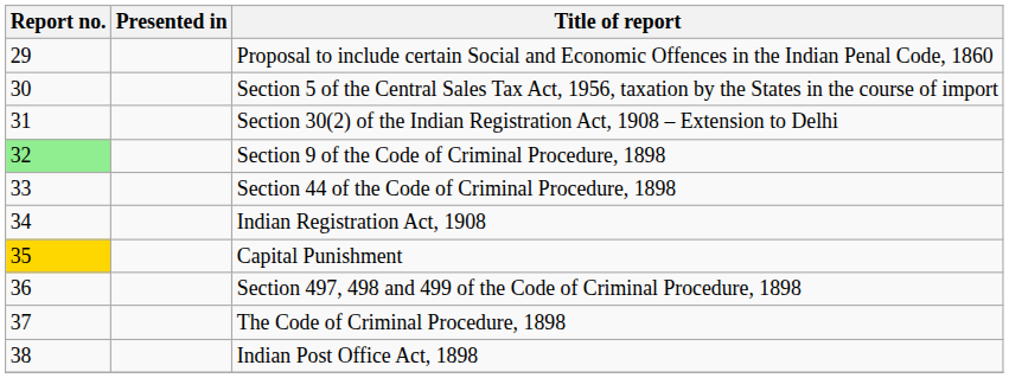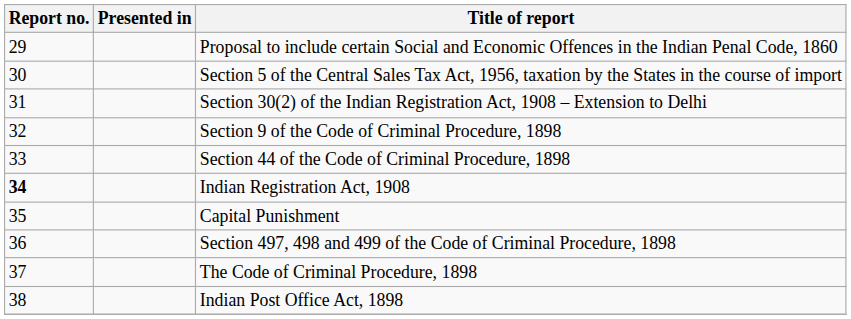 <table class="wikitable">
 <tr>
 <th>Report no.</th>
 <th>Presented in</th>
 <th>Title of report</th>
 </tr>
 <tr>
 <td>29</td>
 <td></td>
 <td>Proposal to include certain Social and Economic Offences in the Indian Penal Code, 1860</td>
 </tr>
 <tr>
 <td>30</td>
 <td></td>
 <td>Section 5 of the Central Sales Tax Act, 1956, taxation by the States in the course of import</td>
 </tr>
 <tr>
 <td>31</td>
 <td></td>
 <td>Section 30(2) of the Indian Registration Act, 1908 – Extension to Delhi</td>
 </tr>
 <tr>
-<td style="background: lightgreen;">32</td>
+<td>32</td>
 <td></td>
 <td>Section 9 of the Code of Criminal Procedure, 1898</td>
 </tr>
 <tr>
 <td>33</td>
 <td></td>
 <td>Section 44 of the Code of Criminal Procedure, 1898</td>
 </tr>
 <tr>
-<td>34</td>
+<td><strong>34</strong></td>
 <td></td>
 <td>Indian Registration Act, 1908</td>
 </tr>
 <tr>
-<td style="background: gold;">35</td>
+<td>35</td>
 <td></td>
 <td>Capital Punishment</td>
 </tr>
 <tr>
 <td>36</td>
 <td></td>
 <td>Section 497, 498 and 499 of the Code of Criminal Procedure, 1898</td>
 </tr>
 <tr>
 <td>37</td>
 <td></td>
 <td>The Code of Criminal Procedure, 1898</td>
 </tr>
 <tr>
 <td>38</td>
 <td></td>
 <td>Indian Post Office Act, 1898</td>
 </tr>
 <tr>
 </tr>
 </table>
